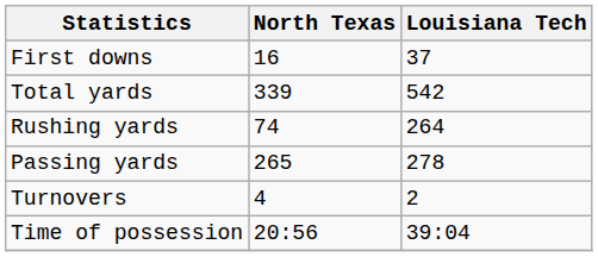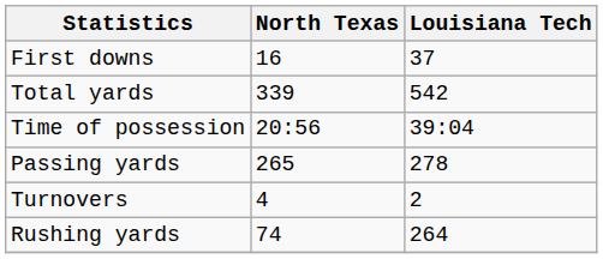 <table class="wikitable" style="float: left;">
 <tr>
 <th>Statistics</th>
 <th>North Texas</th>
 <th>Louisiana Tech</th>
 </tr>
 <tr>
 <td>First downs</td>
 <td>16</td>
 <td>37</td>
 </tr>
 <tr>
 <td>Total yards</td>
 <td>339</td>
 <td>542</td>
 </tr>
 <tr>
-<td>Rushing yards</td>
-<td>74</td>
-<td>264</td>
+<td>Time of possession</td>
+<td>20:56</td>
+<td>39:04</td>
 </tr>
 <tr>
 <td>Passing yards</td>
 <td>265</td>
 <td>278</td>
 </tr>
 <tr>
 <td>Turnovers</td>
 <td>4</td>
 <td>2</td>
 </tr>
 <tr>
-<td>Time of possession</td>
-<td>20:56</td>
-<td>39:04</td>
+<td>Rushing yards</td>
+<td>74</td>
+<td>264</td>
 </tr>
 <tr>
 </tr>
 </table>
